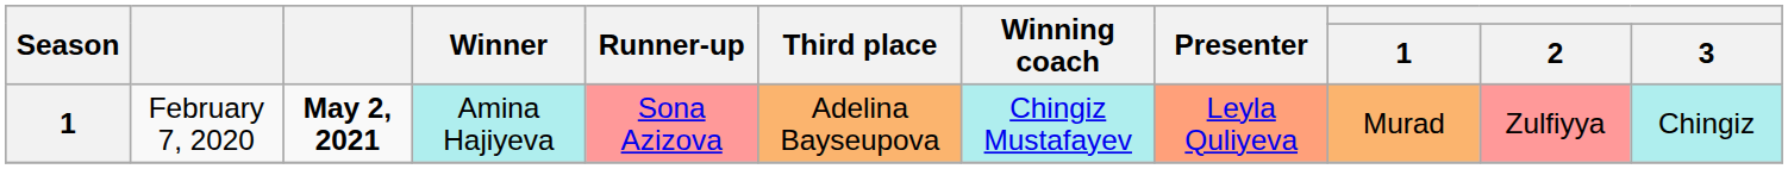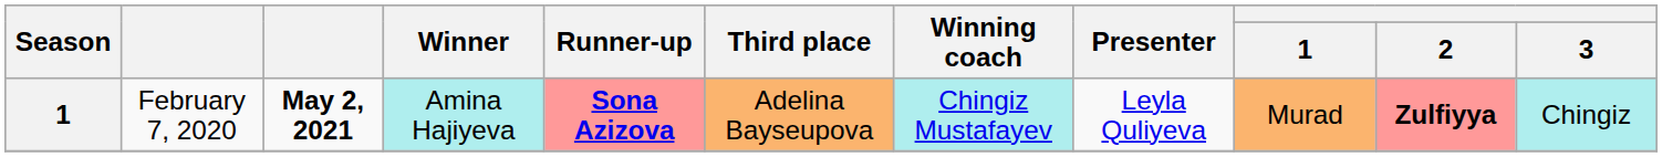 <table class="wikitable" style="text-align:center; font-size:90%; line-height:16px;" width="100%">
 <tr>
 <th rowspan=2 scope="col" width="2%">Season</th>
 <th rowspan=2 scope="col" width="6%"></th>
 <th rowspan=2 scope="col" width="6%"></th>
 <th rowspan=2 scope="col" width="8%">Winner</th>
 <th rowspan=2 scope="col" width="8%">Runner-up</th>
 <th rowspan=2 scope="col" width="8%">Third place</th>
 <th rowspan=2 scope="col" width="8%">Winning coach</th>
 <th rowspan=2 scope="col" width="7%">Presenter</th>
 <th colspan=3 scope="col" width="15%"></th>
 </tr>
 <tr>
 <th scope="col" width="7%">1</th>
 <th scope="col" width="7%">2</th>
 <th scope="col" width="7%">3</th>
 </tr>
 <tr>
 <th>1</th>
 <td>February 7, 2020</td>
 <td><strong>May 2, 2021</strong></td>
 <td style="background:#afeeee;">Amina Hajiyeva</td>
-<td style="background:#ff9999;"><a href='#'>Sona Azizova</a></td>
+<td style="background:#ff9999;"><strong><a href='#'>Sona Azizova</a></strong></td>
 <td style="background:#fbb46e;">Adelina Bayseupova</td>
 <td style="background:#afeeee;"><a href='#'>Chingiz Mustafayev</a></td>
-<td style="background: lightsalmon;"><a href='#'>Leyla Quliyeva</a></td>
+<td><a href='#'>Leyla Quliyeva</a></td>
 <td rowspan=1 style="background:#fbb46e;">Murad</td>
-<td rowspan=1 style="background:#ff9999;">Zulfiyya</td>
+<td rowspan=1 style="background:#ff9999;"><strong>Zulfiyya</strong></td>
 <td rowspan=1 style="background:#afeeee;">Chingiz</td>
 </tr>
 <tr>
 </tr>
 </table>
